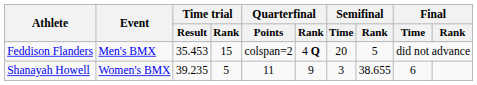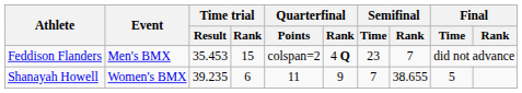 <table class="wikitable" style="font-size:90%">
 <tr>
 <th rowspan=2>Athlete</th>
 <th rowspan=2>Event</th>
 <th colspan="2">Time trial</th>
 <th colspan="2">Quarterfinal</th>
 <th colspan="2">Semifinal</th>
 <th colspan="2">Final</th>
 </tr>
 <tr style="font-size:95%">
 <th>Result</th>
 <th>Rank</th>
 <th>Points</th>
 <th>Rank</th>
 <th>Time</th>
 <th>Rank</th>
 <th>Time</th>
 <th>Rank</th>
 </tr>
 <tr align=center>
 <td align=left><a href='#'>Feddison Flanders</a></td>
 <td align=left><a href='#'>Men's BMX</a></td>
 <td>35.453</td>
 <td>15</td>
 <td>colspan=2 </td>
 <td>4 <strong>Q</strong></td>
-<td>20</td>
-<td>5</td>
+<td>23</td>
+<td>7</td>
 <td colspan="2">did not advance</td>
 </tr>
 <tr align=center>
 <td align=left><a href='#'>Shanayah Howell</a></td>
 <td align=left><a href='#'>Women's BMX</a></td>
 <td>39.235</td>
-<td>5</td>
+<td>6</td>
 <td>11</td>
 <td>9</td>
-<td>3</td>
+<td>7</td>
 <td>38.655</td>
-<td>6</td>
+<td>5</td>
 </tr>
 </table>
